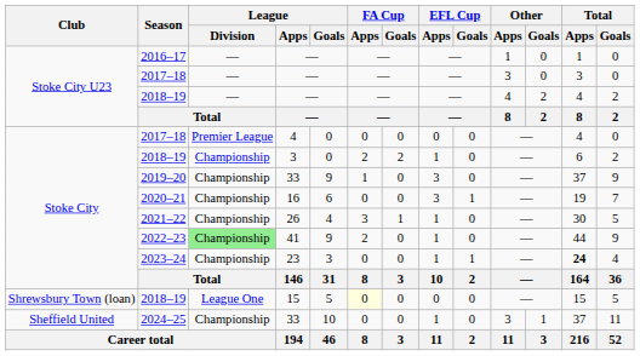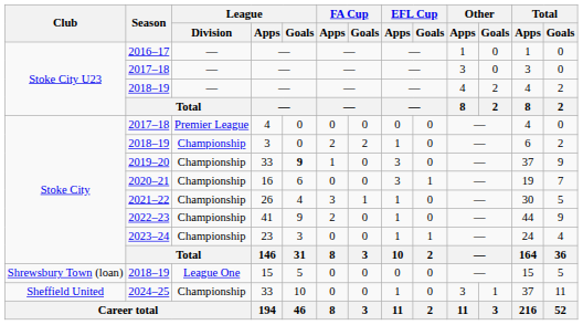 <table class="wikitable" style="text-align: center;">
 <tr>
 <th rowspan="2">Club</th>
 <th rowspan="2">Season</th>
 <th colspan="3">League</th>
 <th colspan="2"><a href='#'>FA Cup</a></th>
 <th colspan="2"><a href='#'>EFL Cup</a></th>
 <th colspan="2">Other</th>
 <th colspan="2">Total</th>
 </tr>
 <tr>
 <th>Division</th>
 <th>Apps</th>
 <th>Goals</th>
 <th>Apps</th>
 <th>Goals</th>
 <th>Apps</th>
 <th>Goals</th>
 <th>Apps</th>
 <th>Goals</th>
 <th>Apps</th>
 <th>Goals</th>
 </tr>
 <tr>
 <td rowspan=4><a href='#'>Stoke City U23</a></td>
 <td><a href='#'>2016–17</a></td>
 <td colspan=1>—</td>
 <td colspan=2>—</td>
 <td colspan=2>—</td>
 <td colspan=2>—</td>
 <td>1</td>
 <td>0</td>
 <td>1</td>
 <td>0</td>
 </tr>
 <tr>
 <td><a href='#'>2017–18</a></td>
 <td colspan=1>—</td>
 <td colspan=2>—</td>
 <td colspan=2>—</td>
 <td colspan=2>—</td>
 <td>3</td>
 <td>0</td>
 <td>3</td>
 <td>0</td>
 </tr>
 <tr>
 <td><a href='#'>2018–19</a></td>
 <td colspan=1>—</td>
 <td colspan=2>—</td>
 <td colspan=2>—</td>
 <td colspan=2>—</td>
 <td>4</td>
 <td>2</td>
 <td>4</td>
 <td>2</td>
 </tr>
 <tr>
 <th colspan=2>Total</th>
 <th colspan=2>—</th>
 <th colspan=2>—</th>
 <th colspan=2>—</th>
 <th>8</th>
 <th>2</th>
 <th>8</th>
 <th>2</th>
 </tr>
 <tr>
 <td rowspan=8><a href='#'>Stoke City</a></td>
 <td><a href='#'>2017–18</a></td>
 <td><a href='#'>Premier League</a></td>
 <td>4</td>
 <td>0</td>
 <td>0</td>
 <td>0</td>
 <td>0</td>
 <td>0</td>
 <td colspan=2>—</td>
 <td>4</td>
 <td>0</td>
 </tr>
 <tr>
 <td><a href='#'>2018–19</a></td>
 <td><a href='#'>Championship</a></td>
 <td>3</td>
 <td>0</td>
 <td>2</td>
 <td>2</td>
 <td>1</td>
 <td>0</td>
 <td colspan=2>—</td>
 <td>6</td>
 <td>2</td>
 </tr>
 <tr>
 <td><a href='#'>2019–20</a></td>
 <td>Championship</td>
 <td>33</td>
-<td>9</td>
+<td><strong>9</strong></td>
 <td>1</td>
 <td>0</td>
 <td>3</td>
 <td>0</td>
 <td colspan=2>—</td>
 <td>37</td>
 <td>9</td>
 </tr>
 <tr>
 <td><a href='#'>2020–21</a></td>
 <td>Championship</td>
 <td>16</td>
 <td>6</td>
 <td>0</td>
 <td>0</td>
 <td>3</td>
 <td>1</td>
 <td colspan=2>—</td>
 <td>19</td>
 <td>7</td>
 </tr>
 <tr>
 <td><a href='#'>2021–22</a></td>
 <td>Championship</td>
 <td>26</td>
 <td>4</td>
 <td>3</td>
 <td>1</td>
 <td>1</td>
 <td>0</td>
 <td colspan=2>—</td>
 <td>30</td>
 <td>5</td>
 </tr>
 <tr>
 <td><a href='#'>2022–23</a></td>
-<td style="background: lightgreen;">Championship</td>
+<td>Championship</td>
 <td>41</td>
 <td>9</td>
 <td>2</td>
 <td>0</td>
 <td>1</td>
 <td>0</td>
 <td colspan=2>—</td>
 <td>44</td>
 <td>9</td>
 </tr>
 <tr>
 <td><a href='#'>2023–24</a></td>
 <td>Championship</td>
 <td>23</td>
 <td>3</td>
 <td>0</td>
 <td>0</td>
 <td>1</td>
 <td>1</td>
 <td colspan=2>—</td>
-<td><strong>24</strong></td>
+<td>24</td>
 <td>4</td>
 </tr>
 <tr>
 <th colspan=2>Total</th>
 <th>146</th>
 <th>31</th>
 <th>8</th>
 <th>3</th>
 <th>10</th>
 <th>2</th>
 <th colspan=2>—</th>
 <th>164</th>
 <th>36</th>
 </tr>
 <tr>
 <td><a href='#'>Shrewsbury Town</a> (loan)</td>
 <td><a href='#'>2018–19</a></td>
 <td><a href='#'>League One</a></td>
 <td>15</td>
 <td>5</td>
-<td style="background: lightyellow;">0</td>
+<td>0</td>
 <td>0</td>
 <td>0</td>
 <td>0</td>
 <td colspan=2>—</td>
 <td>15</td>
 <td>5</td>
 </tr>
 <tr>
 <td><a href='#'>Sheffield United</a></td>
 <td><a href='#'>2024–25</a></td>
 <td>Championship</td>
 <td>33</td>
 <td>10</td>
 <td>0</td>
 <td>0</td>
 <td>1</td>
 <td>0</td>
 <td>3</td>
 <td>1</td>
 <td>37</td>
 <td>11</td>
 </tr>
 <tr>
 <th colspan="3">Career total</th>
 <th>194</th>
 <th>46</th>
 <th>8</th>
 <th>3</th>
 <th>11</th>
 <th>2</th>
 <th>11</th>
 <th>3</th>
 <th>216</th>
 <th>52</th>
 </tr>
 </table>
